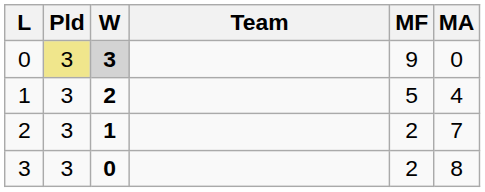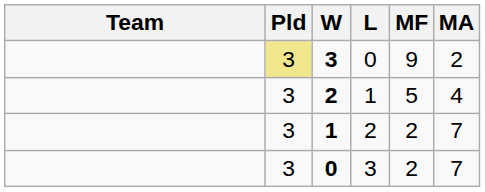 <table class=wikitable style="text-align:center">
 <tr>
-<th width=20>L</th>
+<th width=175>Team</th>
 <th width=20>Pld</th>
 <th width=20>W</th>
-<th width=175>Team</th>
+<th width=20>L</th>
 <th width=20>MF</th>
 <th width=20>MA</th>
 </tr>
 <tr>
+<td style="text-align:left"></td>
+<td style="background: khaki;">3</td>
+<td><strong>3</strong></td>
 <td>0</td>
-<td style="background: khaki;">3</td>
-<td style="background: lightgrey;"><strong>3</strong></td>
-<td style="text-align:left"></td>
 <td>9</td>
-<td>0</td>
+<td>2</td>
 </tr>
 <tr>
-<td>1</td>
+<td style="text-align:left"></td>
 <td>3</td>
 <td><strong>2</strong></td>
-<td style="text-align:left"></td>
+<td>1</td>
 <td>5</td>
 <td>4</td>
 </tr>
 <tr -bgcolor=ffcccc>
-<td>2</td>
+<td style="text-align:left"></td>
 <td>3</td>
 <td><strong>1</strong></td>
-<td style="text-align:left"></td>
+<td>2</td>
 <td>2</td>
 <td>7</td>
 </tr>
 <tr -bgcolor=ffcccc>
-<td>3</td>
+<td style="text-align:left"></td>
 <td>3</td>
 <td><strong>0</strong></td>
-<td style="text-align:left"></td>
+<td>3</td>
 <td>2</td>
-<td>8</td>
+<td>7</td>
 </tr>
 </table>
